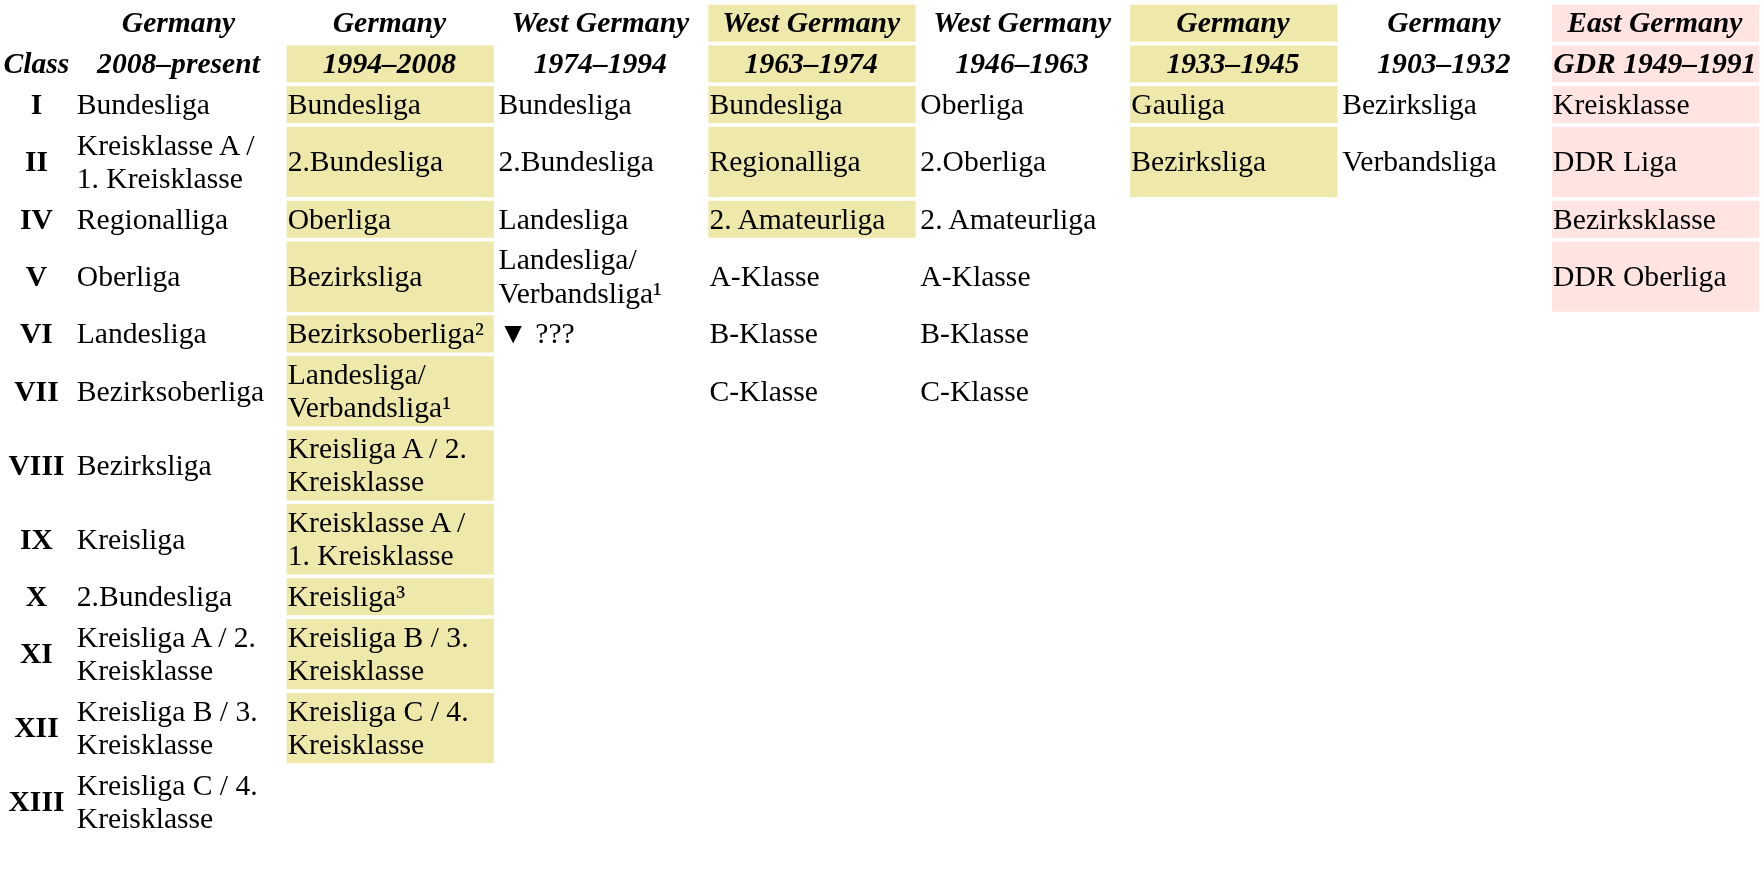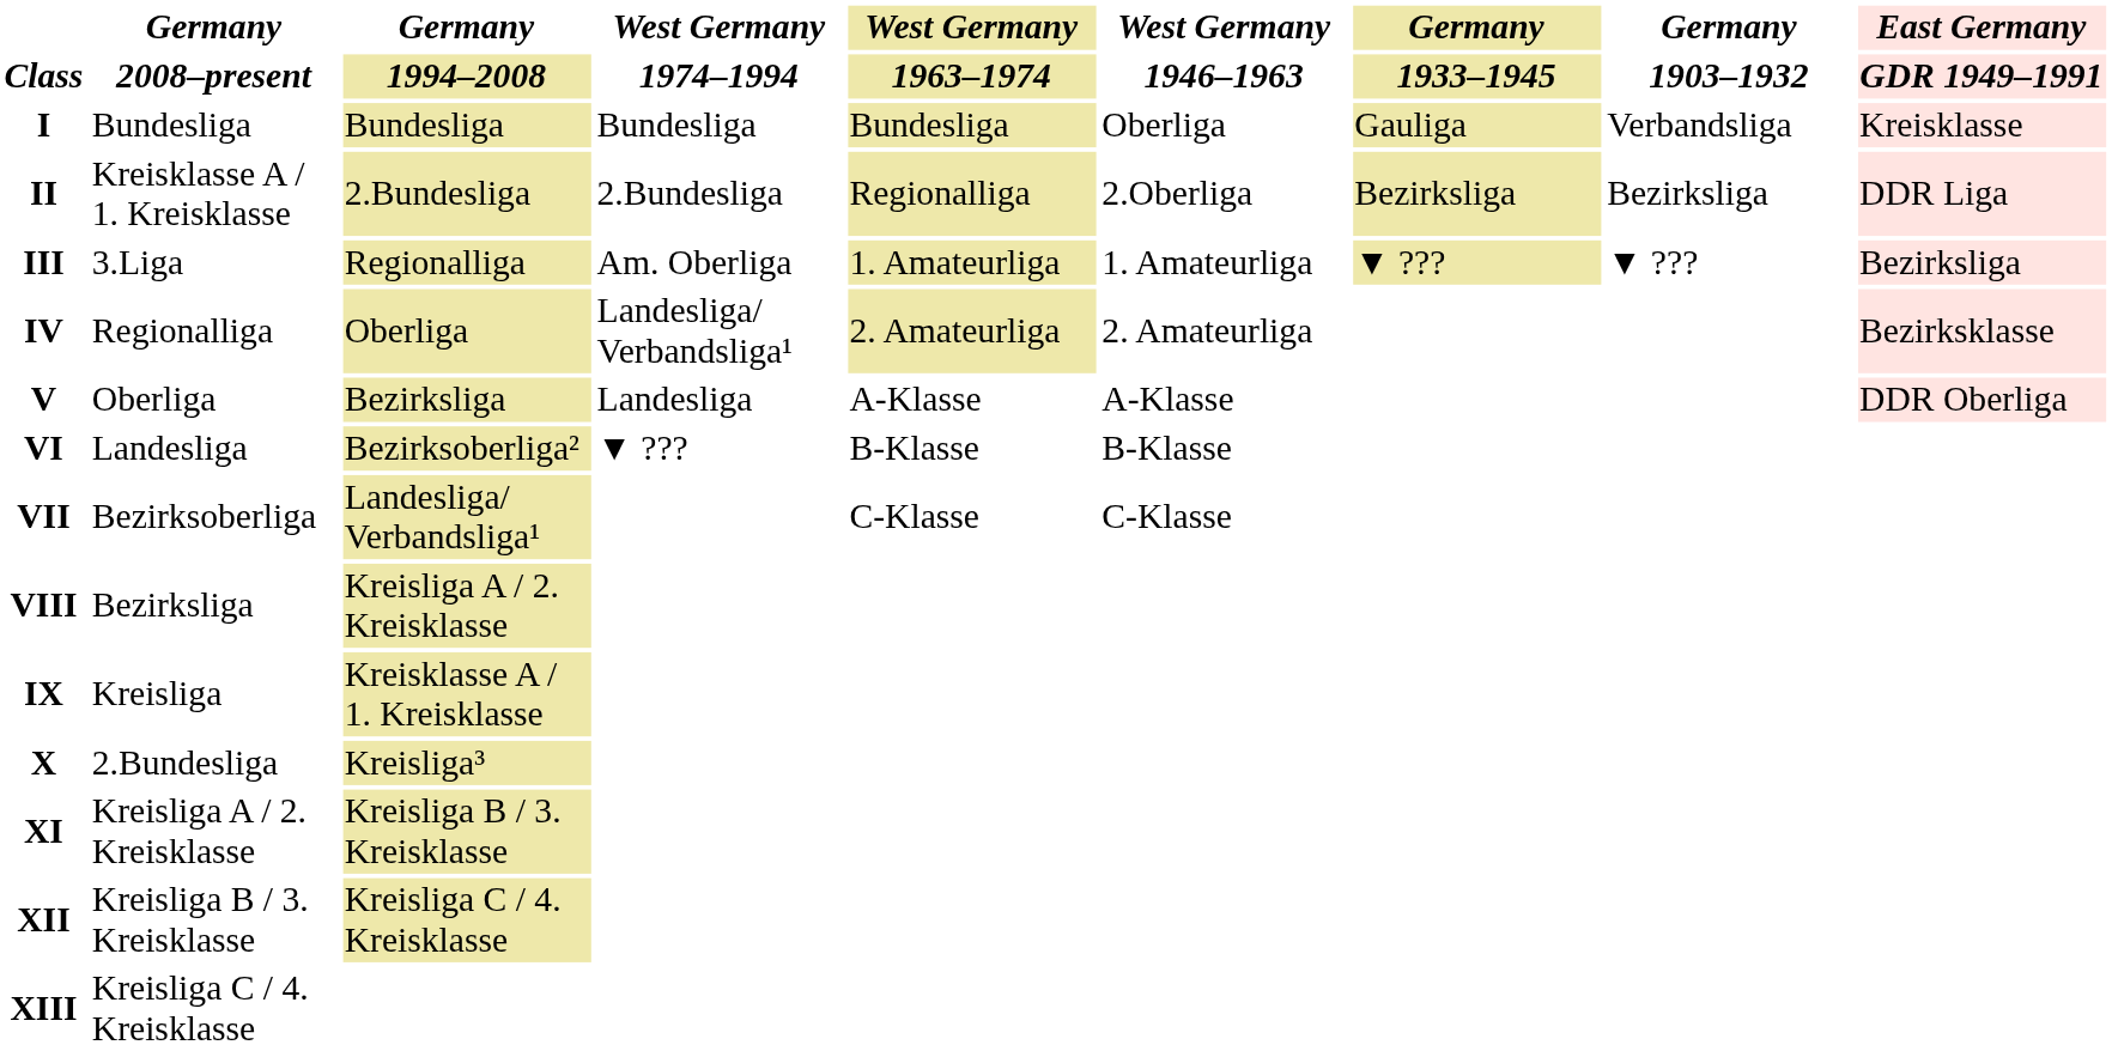 <table>
 <tr>
 <td></td>
 <th><em>Germany</em></th>
 <th style="back  ground:#eee8aa;"><em>Germany</em></th>
 <th><em>West Germany</em></th>
 <th style="background:#eee8aa;"><em>West Germany</em></th>
 <th><em>West Germany</em></th>
 <th style="background:#eee8aa;"><em>Germany</em></th>
 <th><em>Germany</em></th>
 <th style="background:#ffe4e1;"><em>East Germany</em></th>
 </tr>
 <tr>
 <th style="width:35px;"><em>Class</em></th>
 <th style="width:110px;"><em>2008–present</em></th>
 <th style="width:110px; background:#eee8aa;"><em>1994–2008</em></th>
 <th style="width:110px;"><em>1974–1994</em></th>
 <th style="width:110px; background:#eee8aa;"><em>1963–1974</em></th>
 <th style="width:110px;"><em>1946–1963</em></th>
 <th style="width:110px; background:#eee8aa;"><em>1933–1945</em></th>
 <th style="width:110px;"><em>1903–1932</em></th>
 <th style="width:110px; background:#ffe4e1;"><em>GDR 1949–1991</em></th>
 </tr>
 <tr>
 <th>I</th>
 <td>Bundesliga</td>
 <td style="background:#eee8aa;">Bundesliga</td>
 <td>Bundesliga</td>
 <td style="background:#eee8aa;">Bundesliga</td>
 <td>Oberliga</td>
 <td style="background:#eee8aa;">Gauliga</td>
-<td>Bezirksliga</td>
+<td>Verbandsliga</td>
 <td style="background:#ffe4e1;">Kreisklasse</td>
 </tr>
 <tr>
 <th>II</th>
 <td>Kreisklasse A / 1. Kreisklasse</td>
 <td style="background:#eee8aa;">2.Bundesliga</td>
 <td>2.Bundesliga</td>
 <td style="background:#eee8aa;">Regionalliga</td>
 <td>2.Oberliga</td>
 <td style="background:#eee8aa;">Bezirksliga</td>
-<td>Verbandsliga</td>
+<td>Bezirksliga</td>
 <td style="background:#ffe4e1;">DDR Liga</td>
+</tr>
+<tr>
+<th>III</th>
+<td>3.Liga</td>
+<td style="background:#eee8aa;">Regionalliga</td>
+<td>Am. Oberliga</td>
+<td style="background:#eee8aa;">1. Amateurliga</td>
+<td>1. Amateurliga</td>
+<td style="background:#eee8aa;">▼ ???</td>
+<td>▼ ???</td>
+<td style="background:#ffe4e1;">Bezirksliga</td>
 </tr>
 <tr>
 <th>IV</th>
 <td>Regionalliga</td>
 <td style="background:#eee8aa;">Oberliga</td>
-<td>Landesliga</td>
+<td>Landesliga/<br>Verbandsliga¹</td>
 <td style="background:#eee8aa;">2. Amateurliga</td>
 <td>2. Amateurliga</td>
 <td></td>
 <td></td>
 <td style="background:#ffe4e1;">Bezirksklasse</td>
 </tr>
 <tr>
 <th>V</th>
 <td>Oberliga</td>
 <td style="background:#eee8aa;">Bezirksliga</td>
-<td>Landesliga/<br>Verbandsliga¹</td>
+<td>Landesliga</td>
 <td>A-Klasse</td>
 <td>A-Klasse</td>
 <td></td>
 <td></td>
 <td style="background:#ffe4e1;">DDR Oberliga</td>
 </tr>
 <tr>
 <th>VI</th>
 <td>Landesliga</td>
 <td style="background:#eee8aa;">Bezirksoberliga²</td>
 <td>▼ ???</td>
 <td>B-Klasse</td>
 <td>B-Klasse</td>
 </tr>
 <tr>
 <th>VII</th>
 <td>Bezirksoberliga</td>
 <td style="background:#eee8aa;">Landesliga/<br>Verbandsliga¹</td>
 <td></td>
 <td>C-Klasse</td>
 <td>C-Klasse</td>
 </tr>
 <tr>
 <th>VIII</th>
 <td>Bezirksliga</td>
 <td style="background:#eee8aa;">Kreisliga A / 2. Kreisklasse</td>
 </tr>
 <tr>
 <th>IX</th>
 <td>Kreisliga</td>
 <td style="background:#eee8aa;">Kreisklasse A / 1. Kreisklasse</td>
 </tr>
 <tr>
 <th>X</th>
 <td>2.Bundesliga</td>
 <td style="background:#eee8aa;">Kreisliga³</td>
 </tr>
 <tr>
 <th>XI</th>
 <td>Kreisliga A / 2. Kreisklasse</td>
 <td style="background:#eee8aa;">Kreisliga B / 3. Kreisklasse</td>
 </tr>
 <tr>
 <th>XII</th>
 <td>Kreisliga B / 3. Kreisklasse</td>
 <td style="background:#eee8aa;">Kreisliga C / 4. Kreisklasse</td>
 </tr>
 <tr>
 <th>XIII</th>
 <td>Kreisliga C / 4. Kreisklasse</td>
 </tr>
 </table>
